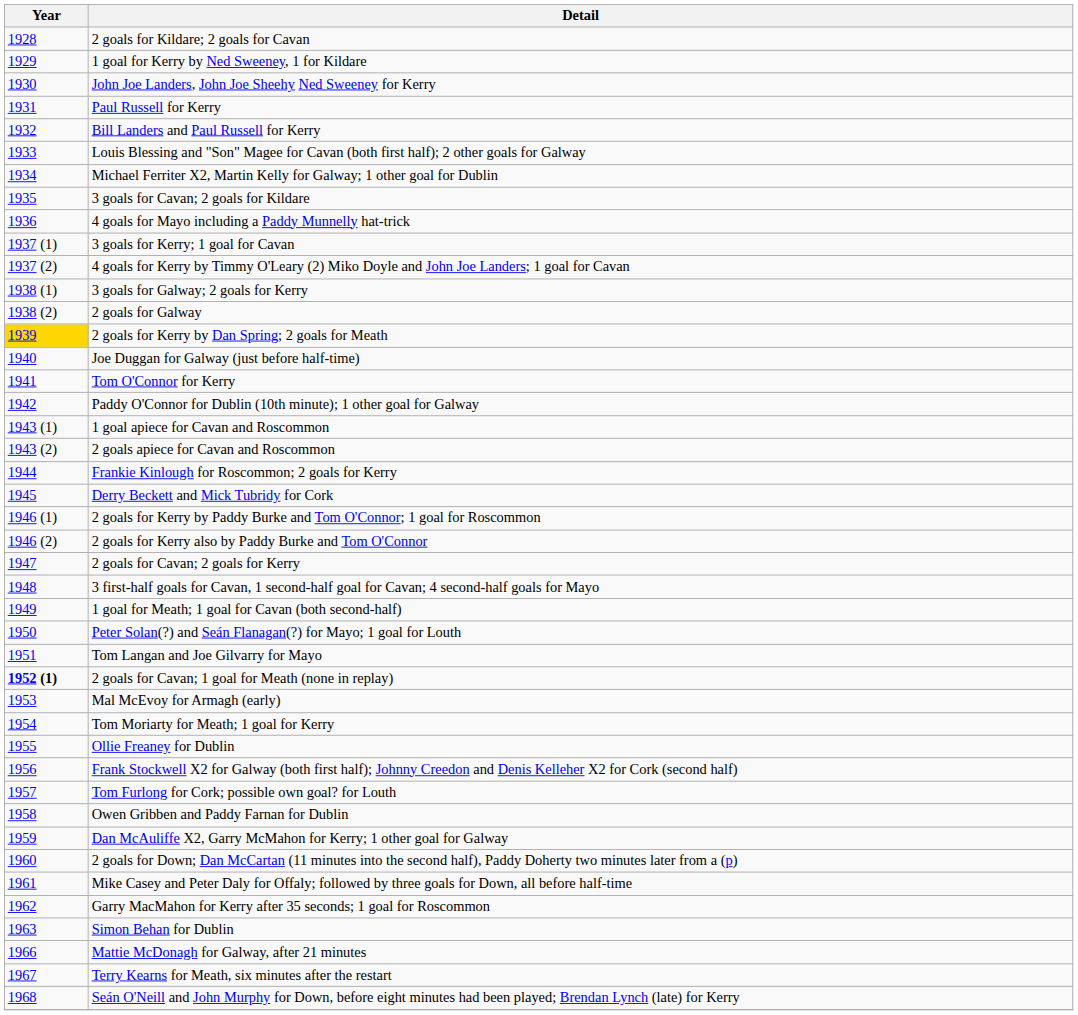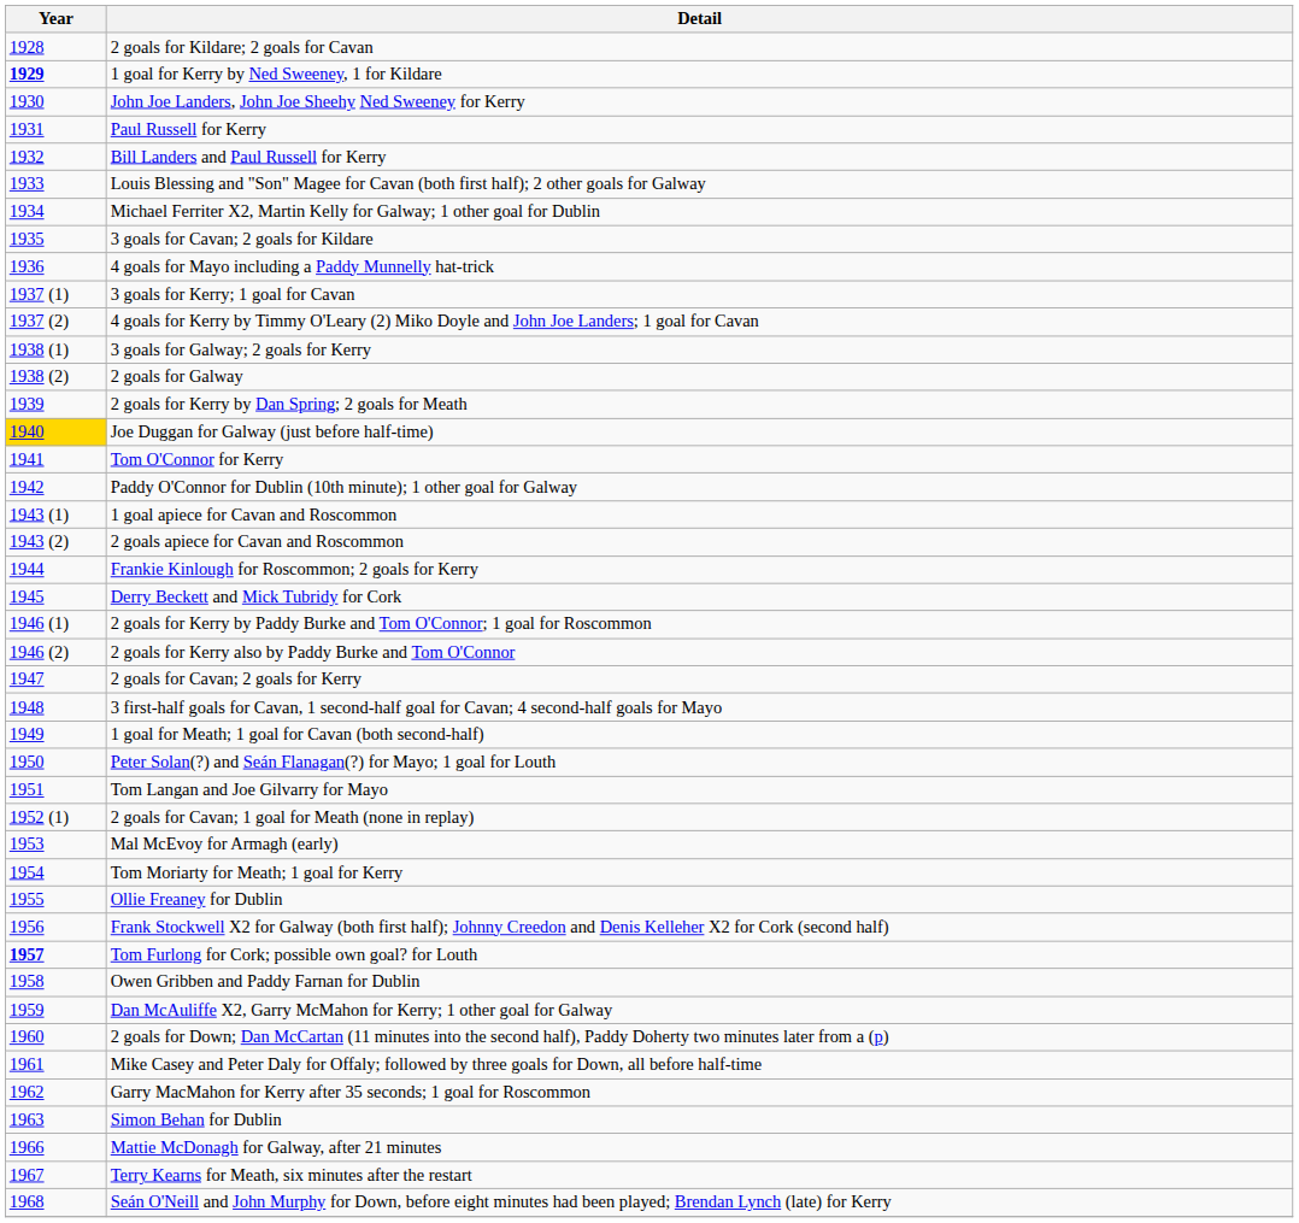 <table class="wikitable sortable" width="75%">
 <tr>
 <th>Year</th>
 <th>Detail</th>
 </tr>
 <tr>
 <td><a href='#'>1928</a></td>
 <td>2 goals for Kildare; 2 goals for Cavan</td>
 </tr>
 <tr>
-<td><a href='#'>1929</a></td>
+<td><strong><a href='#'>1929</a></strong></td>
 <td>1 goal for Kerry by <a href='#'>Ned Sweeney</a>, 1 for Kildare</td>
 </tr>
 <tr>
 <td><a href='#'>1930</a></td>
 <td><a href='#'>John Joe Landers</a>, <a href='#'>John Joe Sheehy</a> <a href='#'>Ned Sweeney</a> for Kerry</td>
 </tr>
 <tr>
 <td><a href='#'>1931</a></td>
 <td><a href='#'>Paul Russell</a> for Kerry</td>
 </tr>
 <tr>
 <td><a href='#'>1932</a></td>
 <td><a href='#'>Bill Landers</a> and <a href='#'>Paul Russell</a> for Kerry</td>
 </tr>
 <tr>
 <td><a href='#'>1933</a></td>
 <td>Louis Blessing and "Son" Magee for Cavan (both first half); 2 other goals for Galway</td>
 </tr>
 <tr>
 <td><a href='#'>1934</a></td>
 <td>Michael Ferriter X2, Martin Kelly for Galway; 1 other goal for Dublin</td>
 </tr>
 <tr>
 <td><a href='#'>1935</a></td>
 <td>3 goals for Cavan; 2 goals for Kildare</td>
 </tr>
 <tr>
 <td><a href='#'>1936</a></td>
 <td>4 goals for Mayo including a <a href='#'>Paddy Munnelly</a> hat-trick</td>
 </tr>
 <tr>
 <td><a href='#'>1937</a> (1)</td>
 <td>3 goals for Kerry; 1 goal for Cavan</td>
 </tr>
 <tr>
 <td><a href='#'>1937</a> (2)</td>
 <td>4 goals for Kerry by Timmy O'Leary (2) Miko Doyle and <a href='#'>John Joe Landers</a>; 1 goal for Cavan</td>
 </tr>
 <tr>
 <td><a href='#'>1938</a> (1)</td>
 <td>3 goals for Galway; 2 goals for Kerry</td>
 </tr>
 <tr>
 <td><a href='#'>1938</a> (2)</td>
 <td>2 goals for Galway</td>
 </tr>
 <tr>
-<td style="background: gold;"><a href='#'>1939</a></td>
+<td><a href='#'>1939</a></td>
 <td>2 goals for Kerry by <a href='#'>Dan Spring</a>; 2 goals for Meath</td>
 </tr>
 <tr>
-<td><a href='#'>1940</a></td>
+<td style="background: gold;"><a href='#'>1940</a></td>
 <td>Joe Duggan for Galway (just before half-time)</td>
 </tr>
 <tr>
 <td><a href='#'>1941</a></td>
 <td><a href='#'>Tom O'Connor</a> for Kerry</td>
 </tr>
 <tr>
 <td><a href='#'>1942</a></td>
 <td>Paddy O'Connor for Dublin (10th minute); 1 other goal for Galway</td>
 </tr>
 <tr>
 <td><a href='#'>1943</a> (1)</td>
 <td>1 goal apiece for Cavan and Roscommon</td>
 </tr>
 <tr>
 <td><a href='#'>1943</a> (2)</td>
 <td>2 goals apiece for Cavan and Roscommon</td>
 </tr>
 <tr>
 <td><a href='#'>1944</a></td>
 <td><a href='#'>Frankie Kinlough</a> for Roscommon; 2 goals for Kerry</td>
 </tr>
 <tr>
 <td><a href='#'>1945</a></td>
 <td><a href='#'>Derry Beckett</a> and <a href='#'>Mick Tubridy</a> for Cork</td>
 </tr>
 <tr>
 <td><a href='#'>1946</a> (1)</td>
 <td>2 goals for Kerry by Paddy Burke and <a href='#'>Tom O'Connor</a>; 1 goal for Roscommon</td>
 </tr>
 <tr>
 <td><a href='#'>1946</a> (2)</td>
 <td>2 goals for Kerry also by Paddy Burke and <a href='#'>Tom O'Connor</a></td>
 </tr>
 <tr>
 <td><a href='#'>1947</a></td>
 <td>2 goals for Cavan; 2 goals for Kerry</td>
 </tr>
 <tr>
 <td><a href='#'>1948</a></td>
 <td>3 first-half goals for Cavan, 1 second-half goal for Cavan; 4 second-half goals for Mayo</td>
 </tr>
 <tr>
 <td><a href='#'>1949</a></td>
 <td>1 goal for Meath; 1 goal for Cavan (both second-half)</td>
 </tr>
 <tr>
 <td><a href='#'>1950</a></td>
 <td><a href='#'>Peter Solan</a>(?) and <a href='#'>Seán Flanagan</a>(?) for Mayo; 1 goal for Louth</td>
 </tr>
 <tr>
 <td><a href='#'>1951</a></td>
 <td>Tom Langan and Joe Gilvarry for Mayo</td>
 </tr>
 <tr>
-<td><strong><a href='#'>1952</a> (1)</strong></td>
+<td><a href='#'>1952</a> (1)</td>
 <td>2 goals for Cavan; 1 goal for Meath (none in replay)</td>
 </tr>
 <tr>
 <td><a href='#'>1953</a></td>
 <td>Mal McEvoy for Armagh (early)</td>
 </tr>
 <tr>
 <td><a href='#'>1954</a></td>
 <td>Tom Moriarty for Meath; 1 goal for Kerry</td>
 </tr>
 <tr>
 <td><a href='#'>1955</a></td>
 <td><a href='#'>Ollie Freaney</a> for Dublin</td>
 </tr>
 <tr>
 <td><a href='#'>1956</a></td>
 <td><a href='#'>Frank Stockwell</a> X2 for Galway (both first half); <a href='#'>Johnny Creedon</a> and <a href='#'>Denis Kelleher</a> X2 for Cork (second half)</td>
 </tr>
 <tr>
-<td><a href='#'>1957</a></td>
+<td><strong><a href='#'>1957</a></strong></td>
 <td><a href='#'>Tom Furlong</a> for Cork; possible own goal? for Louth</td>
 </tr>
 <tr>
 <td><a href='#'>1958</a></td>
 <td>Owen Gribben and Paddy Farnan for Dublin</td>
 </tr>
 <tr>
 <td><a href='#'>1959</a></td>
 <td><a href='#'>Dan McAuliffe</a> X2, Garry McMahon for Kerry; 1 other goal for Galway</td>
 </tr>
 <tr>
 <td><a href='#'>1960</a></td>
 <td>2 goals for Down; <a href='#'>Dan McCartan</a> (11 minutes into the second half), Paddy Doherty two minutes later from a (<a href='#'>p</a>)</td>
 </tr>
 <tr>
 <td><a href='#'>1961</a></td>
 <td>Mike Casey and Peter Daly for Offaly; followed by three goals for Down, all before half-time</td>
 </tr>
 <tr>
 <td><a href='#'>1962</a></td>
 <td>Garry MacMahon for Kerry after 35 seconds; 1 goal for Roscommon</td>
 </tr>
 <tr>
 <td><a href='#'>1963</a></td>
 <td><a href='#'>Simon Behan</a> for Dublin</td>
 </tr>
 <tr>
 <td><a href='#'>1966</a></td>
 <td><a href='#'>Mattie McDonagh</a> for Galway, after 21 minutes</td>
 </tr>
 <tr>
 <td><a href='#'>1967</a></td>
 <td><a href='#'>Terry Kearns</a> for Meath, six minutes after the restart</td>
 </tr>
 <tr>
 <td><a href='#'>1968</a></td>
 <td><a href='#'>Seán O'Neill</a> and <a href='#'>John Murphy</a> for Down, before eight minutes had been played; <a href='#'>Brendan Lynch</a> (late) for Kerry</td>
 </tr>
 <tr>
 </tr>
 </table>
